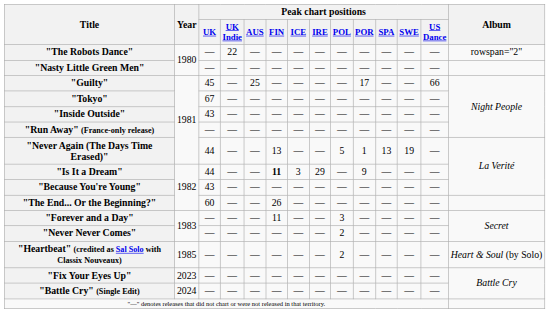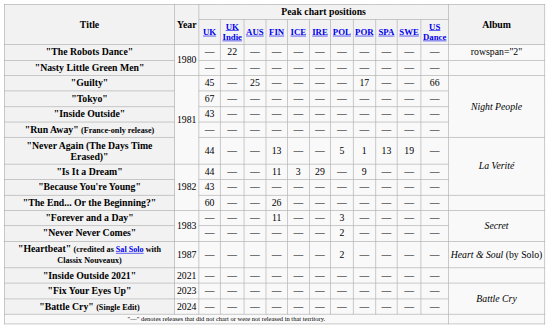 <table class="wikitable plainrowheaders" style="text-align:center;">
 <tr>
 <th rowspan="2" scope="col" style="width:17em;">Title</th>
 <th rowspan="2" scope="col" style="width:2em;">Year</th>
 <th colspan="11">Peak chart positions</th>
 <th rowspan="2">Album</th>
 </tr>
 <tr>
 <th scope="col" style="width:2em;font-size:90%;"><a href='#'>UK</a><br></th>
 <th scope="col" style="width:2em;font-size:90%;"><a href='#'>UK Indie</a><br></th>
 <th scope="col" style="width:2em;font-size:90%;"><a href='#'>AUS</a><br></th>
 <th scope="col" style="width:2em;font-size:90%;"><a href='#'>FIN</a><br></th>
 <th scope="col" style="width:2em;font-size:90%;"><a href='#'>ICE</a><br></th>
 <th scope="col" style="width:2em;font-size:90%;"><a href='#'>IRE</a><br></th>
 <th scope="col" style="width:2em;font-size:90%;"><a href='#'>POL</a><br></th>
 <th scope="col" style="width:2em;font-size:90%;"><a href='#'>POR</a><br></th>
 <th scope="col" style="width:2em;font-size:90%;"><a href='#'>SPA</a><br></th>
 <th scope="col" style="width:2em;font-size:90%;"><a href='#'>SWE</a><br></th>
 <th scope="col" style="width:2em;font-size:90%;"><a href='#'>US Dance</a><br></th>
 </tr>
 <tr>
 <th scope="row">"The Robots Dance"</th>
 <td rowspan="2">1980</td>
 <td>—</td>
 <td>22</td>
 <td>—</td>
 <td>—</td>
 <td>—</td>
 <td>—</td>
 <td>—</td>
 <td>—</td>
 <td>—</td>
 <td>—</td>
 <td>—</td>
 <td>rowspan="2" </td>
 </tr>
 <tr>
 <th scope="row">"Nasty Little Green Men"</th>
 <td>—</td>
 <td>—</td>
 <td>—</td>
 <td>—</td>
 <td>—</td>
 <td>—</td>
 <td>—</td>
 <td>—</td>
 <td>—</td>
 <td>—</td>
 <td>—</td>
 </tr>
 <tr>
 <th scope="row">"Guilty"</th>
 <td rowspan="5">1981</td>
 <td>45</td>
 <td>—</td>
 <td>25</td>
 <td>—</td>
 <td>—</td>
 <td>—</td>
 <td>—</td>
 <td>17</td>
 <td>—</td>
 <td>—</td>
 <td>66</td>
 <td rowspan="4"><em>Night People</em></td>
 </tr>
 <tr>
 <th scope="row">"Tokyo"</th>
 <td>67</td>
 <td>—</td>
 <td>—</td>
 <td>—</td>
 <td>—</td>
 <td>—</td>
 <td>—</td>
 <td>—</td>
 <td>—</td>
 <td>—</td>
 <td>—</td>
 </tr>
 <tr>
 <th scope="row">"Inside Outside"</th>
 <td>43</td>
 <td>—</td>
 <td>—</td>
 <td>—</td>
 <td>—</td>
 <td>—</td>
 <td>—</td>
 <td>—</td>
 <td>—</td>
 <td>—</td>
 <td>—</td>
 </tr>
 <tr>
 <th scope="row">"Run Away" <small>(France-only release)</small></th>
 <td>—</td>
 <td>—</td>
 <td>—</td>
 <td>—</td>
 <td>—</td>
 <td>—</td>
 <td>—</td>
 <td>—</td>
 <td>—</td>
 <td>—</td>
 <td>—</td>
 </tr>
 <tr>
 <th scope="row">"Never Again (The Days Time Erased)"</th>
 <td>44</td>
 <td>—</td>
 <td>—</td>
 <td>13</td>
 <td>—</td>
 <td>—</td>
 <td>5</td>
 <td>1</td>
 <td>13</td>
 <td>19</td>
 <td>—</td>
 <td rowspan="3"><em>La Verité</em></td>
 </tr>
 <tr>
 <th scope="row">"Is It a Dream"</th>
 <td rowspan="3">1982</td>
 <td>44</td>
 <td>—</td>
 <td>—</td>
-<td><strong>11</strong></td>
+<td>11</td>
 <td>3</td>
 <td>29</td>
 <td>—</td>
 <td>9</td>
 <td>—</td>
 <td>—</td>
 <td>—</td>
 </tr>
 <tr>
 <th scope="row">"Because You're Young"</th>
 <td>43</td>
 <td>—</td>
 <td>—</td>
 <td>—</td>
 <td>—</td>
 <td>—</td>
 <td>—</td>
 <td>—</td>
 <td>—</td>
 <td>—</td>
 <td>—</td>
 </tr>
 <tr>
 <th scope="row">"The End... Or the Beginning?"</th>
 <td>60</td>
 <td>—</td>
 <td>—</td>
 <td>26</td>
 <td>—</td>
 <td>—</td>
 <td>—</td>
 <td>—</td>
 <td>—</td>
 <td>—</td>
 <td>—</td>
 <td></td>
 </tr>
 <tr>
 <th scope="row">"Forever and a Day"</th>
 <td rowspan="2">1983</td>
 <td>—</td>
 <td>—</td>
 <td>—</td>
 <td>11</td>
 <td>—</td>
 <td>—</td>
 <td>3</td>
 <td>—</td>
 <td>—</td>
 <td>—</td>
 <td>—</td>
 <td rowspan="2"><em>Secret</em></td>
 </tr>
 <tr>
 <th scope="row">"Never Never Comes"</th>
 <td>—</td>
 <td>—</td>
 <td>—</td>
 <td>—</td>
 <td>—</td>
 <td>—</td>
 <td>2</td>
 <td>—</td>
 <td>—</td>
 <td>—</td>
 <td>—</td>
 </tr>
 <tr>
 <th scope="row">"Heartbeat" <small>(credited as <a href='#'>Sal Solo</a> with Classix Nouveaux)</small></th>
-<td>1985</td>
+<td>1987</td>
 <td>—</td>
 <td>—</td>
 <td>—</td>
 <td>—</td>
 <td>—</td>
 <td>—</td>
 <td>2</td>
 <td>—</td>
 <td>—</td>
 <td>—</td>
 <td>—</td>
 <td><em>Heart & Soul</em> (by Solo)</td>
+</tr>
+<tr>
+<th scope="row">"Inside Outside 2021"</th>
+<td>2021</td>
+<td>—</td>
+<td>—</td>
+<td>—</td>
+<td>—</td>
+<td>—</td>
+<td>—</td>
+<td>—</td>
+<td>—</td>
+<td>—</td>
+<td>—</td>
+<td>—</td>
+<td></td>
 </tr>
 <tr>
 <th scope="row">"Fix Your Eyes Up"</th>
 <td>2023</td>
 <td>—</td>
 <td>—</td>
 <td>—</td>
 <td>—</td>
 <td>—</td>
 <td>—</td>
 <td>—</td>
 <td>—</td>
 <td>—</td>
 <td>—</td>
 <td>—</td>
 <td rowspan="2"><em>Battle Cry</em></td>
 </tr>
 <tr>
 <th scope="row">"Battle Cry" <small>(Single Edit)</small></th>
 <td>2024</td>
 <td>—</td>
 <td>—</td>
 <td>—</td>
 <td>—</td>
 <td>—</td>
 <td>—</td>
 <td>—</td>
 <td>—</td>
 <td>—</td>
 <td>—</td>
 <td>—</td>
 </tr>
 <tr>
 <td colspan="13" style="font-size:8pt">"—" denotes releases that did not chart or were not released in that territory.</td>
 </tr>
 </table>
